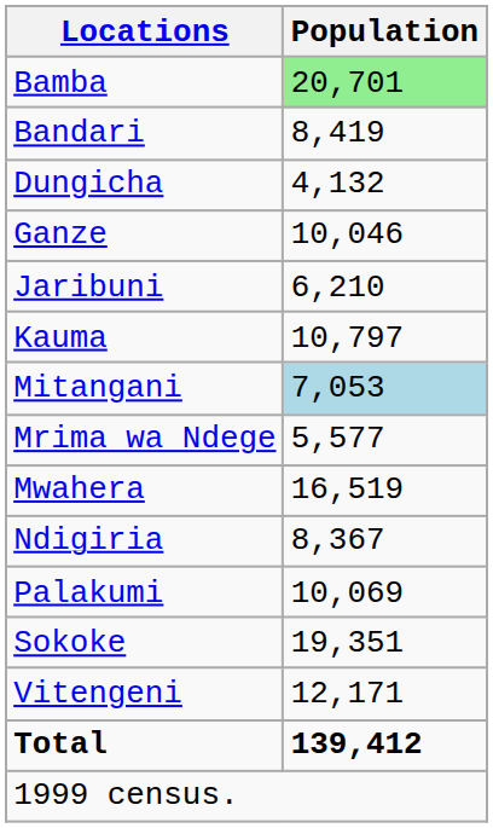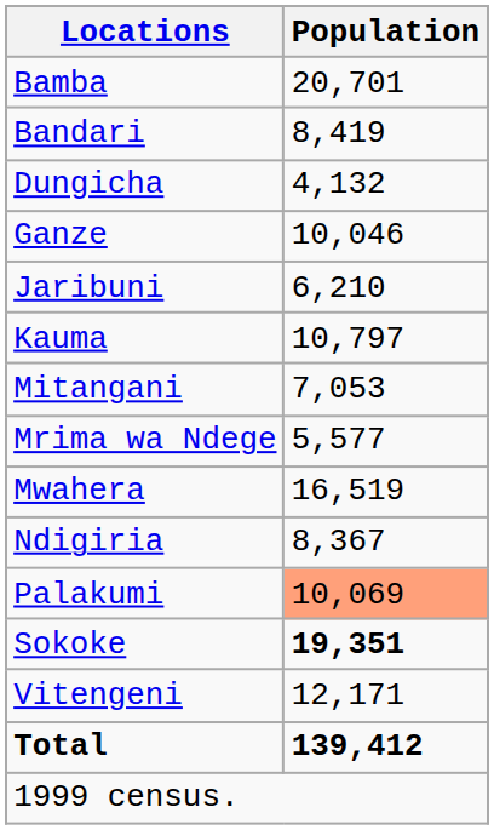 <table class="wikitable">
 <tr>
 <th><a href='#'>Locations</a></th>
 <th>Population</th>
 </tr>
 <tr>
 <td><a href='#'>Bamba</a></td>
-<td style="background: lightgreen;">20,701</td>
+<td>20,701</td>
 </tr>
 <tr>
 <td><a href='#'>Bandari</a></td>
 <td>8,419</td>
 </tr>
 <tr>
 <td><a href='#'>Dungicha</a></td>
 <td>4,132</td>
 </tr>
 <tr>
 <td><a href='#'>Ganze</a></td>
 <td>10,046</td>
 </tr>
 <tr>
 <td><a href='#'>Jaribuni</a></td>
 <td>6,210</td>
 </tr>
 <tr>
 <td><a href='#'>Kauma</a></td>
 <td>10,797</td>
 </tr>
 <tr>
 <td><a href='#'>Mitangani</a></td>
-<td style="background: lightblue;">7,053</td>
+<td>7,053</td>
 </tr>
 <tr>
 <td><a href='#'>Mrima wa Ndege</a></td>
 <td>5,577</td>
 </tr>
 <tr>
 <td><a href='#'>Mwahera</a></td>
 <td>16,519</td>
 </tr>
 <tr>
 <td><a href='#'>Ndigiria</a></td>
 <td>8,367</td>
 </tr>
 <tr>
 <td><a href='#'>Palakumi</a></td>
-<td>10,069</td>
+<td style="background: lightsalmon;">10,069</td>
 </tr>
 <tr>
 <td><a href='#'>Sokoke</a></td>
-<td>19,351</td>
+<td><strong>19,351</strong></td>
 </tr>
 <tr>
 <td><a href='#'>Vitengeni</a></td>
 <td>12,171</td>
 </tr>
 <tr>
 <td><strong>Total</strong></td>
 <td><strong>139,412</strong></td>
 </tr>
 <tr>
 <td colspan="2">1999 census.</td>
 </tr>
 </table>
